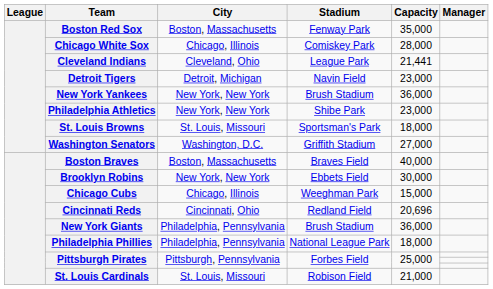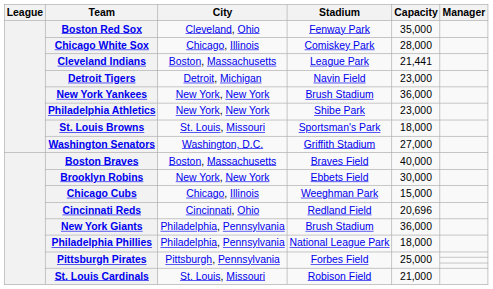 <table class="wikitable sortable plainrowheaders" style="text-align:center;">
 <tr>
 <th scope="col">League</th>
 <th scope="col">Team</th>
 <th scope="col">City</th>
 <th scope="col">Stadium</th>
 <th scope="col">Capacity</th>
 <th scope="col">Manager</th>
 </tr>
 <tr>
 <th rowspan="8"></th>
 <th scope="row"><a href='#'>Boston Red Sox</a></th>
-<td><a href='#'>Boston</a>, <a href='#'>Massachusetts</a></td>
+<td><a href='#'>Cleveland</a>, <a href='#'>Ohio</a></td>
 <td><a href='#'>Fenway Park</a></td>
 <td>35,000</td>
 <td></td>
 </tr>
 <tr>
 <th scope="row"><a href='#'>Chicago White Sox</a></th>
 <td><a href='#'>Chicago</a>, <a href='#'>Illinois</a></td>
 <td><a href='#'>Comiskey Park</a></td>
 <td>28,000</td>
 <td></td>
 </tr>
 <tr>
 <th scope="row"><a href='#'>Cleveland Indians</a></th>
-<td><a href='#'>Cleveland</a>, <a href='#'>Ohio</a></td>
+<td><a href='#'>Boston</a>, <a href='#'>Massachusetts</a></td>
 <td><a href='#'>League Park</a></td>
 <td>21,441</td>
 <td></td>
 </tr>
 <tr>
 <th scope="row"><a href='#'>Detroit Tigers</a></th>
 <td><a href='#'>Detroit</a>, <a href='#'>Michigan</a></td>
 <td><a href='#'>Navin Field</a></td>
 <td>23,000</td>
 <td></td>
 </tr>
 <tr>
 <th scope="row"><a href='#'>New York Yankees</a></th>
 <td><a href='#'>New York</a>, <a href='#'>New York</a></td>
 <td><a href='#'>Brush Stadium</a></td>
 <td>36,000</td>
 <td></td>
 </tr>
 <tr>
 <th scope="row"><a href='#'>Philadelphia Athletics</a></th>
 <td><a href='#'>New York</a>, <a href='#'>New York</a></td>
 <td><a href='#'>Shibe Park</a></td>
 <td>23,000</td>
 <td></td>
 </tr>
 <tr>
 <th scope="row"><a href='#'>St. Louis Browns</a></th>
 <td><a href='#'>St. Louis</a>, <a href='#'>Missouri</a></td>
 <td><a href='#'>Sportsman's Park</a></td>
 <td>18,000</td>
 <td></td>
 </tr>
 <tr>
 <th scope="row"><a href='#'>Washington Senators</a></th>
 <td><a href='#'>Washington, D.C.</a></td>
 <td><a href='#'>Griffith Stadium</a></td>
 <td>27,000</td>
 <td></td>
 </tr>
 <tr>
 <th rowspan="10"></th>
 <th scope="row"><a href='#'>Boston Braves</a></th>
 <td><a href='#'>Boston</a>, <a href='#'>Massachusetts</a></td>
 <td><a href='#'>Braves Field</a></td>
 <td>40,000</td>
 <td></td>
 </tr>
 <tr>
 <th scope="row"><a href='#'>Brooklyn Robins</a></th>
 <td><a href='#'>New York</a>, <a href='#'>New York</a></td>
 <td><a href='#'>Ebbets Field</a></td>
 <td>30,000</td>
 <td></td>
 </tr>
 <tr>
 <th scope="row"><a href='#'>Chicago Cubs</a></th>
 <td><a href='#'>Chicago</a>, <a href='#'>Illinois</a></td>
 <td><a href='#'>Weeghman Park</a></td>
 <td>15,000</td>
 <td></td>
 </tr>
 <tr>
 <th scope="row"><a href='#'>Cincinnati Reds</a></th>
 <td><a href='#'>Cincinnati</a>, <a href='#'>Ohio</a></td>
 <td><a href='#'>Redland Field</a></td>
 <td>20,696</td>
 <td></td>
 </tr>
 <tr>
 <th scope="row"><a href='#'>New York Giants</a></th>
 <td><a href='#'>Philadelphia</a>, <a href='#'>Pennsylvania</a></td>
 <td><a href='#'>Brush Stadium</a></td>
 <td>36,000</td>
 <td></td>
 </tr>
 <tr>
 <th scope="row"><a href='#'>Philadelphia Phillies</a></th>
 <td><a href='#'>Philadelphia</a>, <a href='#'>Pennsylvania</a></td>
 <td><a href='#'>National League Park</a></td>
 <td>18,000</td>
 <td></td>
 </tr>
 <tr>
 <th rowspan="3" scope="row"><a href='#'>Pittsburgh Pirates</a></th>
 <td rowspan="3"><a href='#'>Pittsburgh</a>, <a href='#'>Pennsylvania</a></td>
 <td rowspan="3"><a href='#'>Forbes Field</a></td>
 <td rowspan="3">25,000</td>
 <td></td>
 </tr>
 <tr>
 <td></td>
 </tr>
 <tr>
 <td></td>
 </tr>
 <tr>
 <th scope="row"><a href='#'>St. Louis Cardinals</a></th>
 <td><a href='#'>St. Louis</a>, <a href='#'>Missouri</a></td>
 <td><a href='#'>Robison Field</a></td>
 <td>21,000</td>
 <td></td>
 </tr>
 </table>
